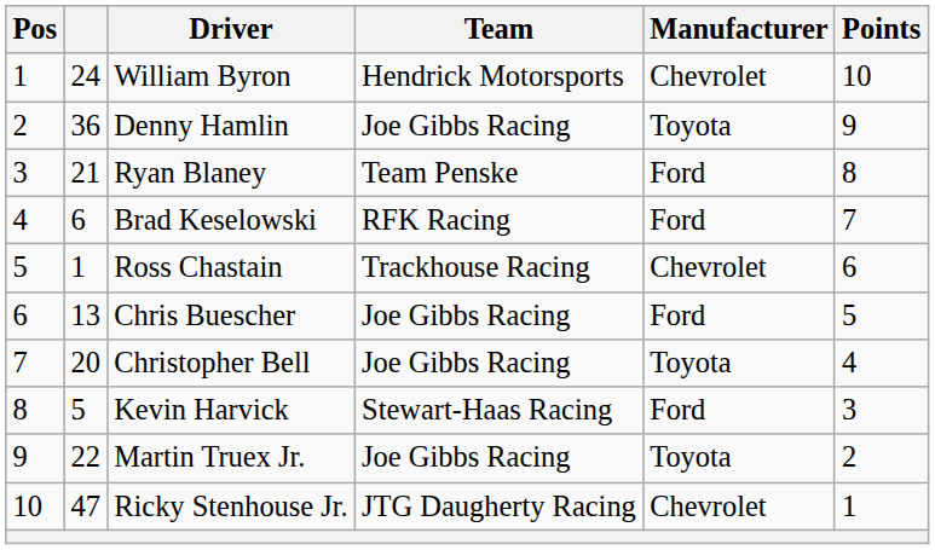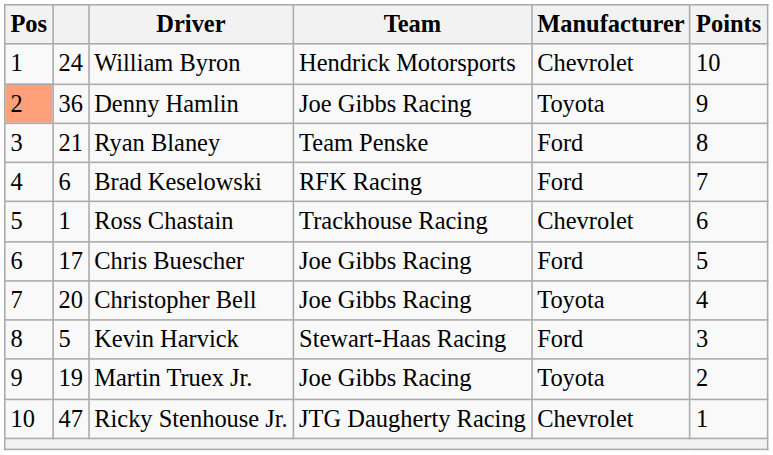 <table class="wikitable" style="font-size:98%">
 <tr>
 <th>Pos</th>
 <th></th>
 <th>Driver</th>
 <th>Team</th>
 <th>Manufacturer</th>
 <th>Points</th>
 </tr>
 <tr>
 <td>1</td>
 <td>24</td>
 <td>William Byron</td>
 <td>Hendrick Motorsports</td>
 <td>Chevrolet</td>
 <td>10</td>
 </tr>
 <tr>
-<td>2</td>
+<td style="background: lightsalmon;">2</td>
 <td>36</td>
 <td>Denny Hamlin</td>
 <td>Joe Gibbs Racing</td>
 <td>Toyota</td>
 <td>9</td>
 </tr>
 <tr>
 <td>3</td>
 <td>21</td>
 <td>Ryan Blaney</td>
 <td>Team Penske</td>
 <td>Ford</td>
 <td>8</td>
 </tr>
 <tr>
 <td>4</td>
 <td>6</td>
 <td>Brad Keselowski</td>
 <td>RFK Racing</td>
 <td>Ford</td>
 <td>7</td>
 </tr>
 <tr>
 <td>5</td>
 <td>1</td>
 <td>Ross Chastain</td>
 <td>Trackhouse Racing</td>
 <td>Chevrolet</td>
 <td>6</td>
 </tr>
 <tr>
 <td>6</td>
-<td>13</td>
+<td>17</td>
 <td>Chris Buescher</td>
 <td>Joe Gibbs Racing</td>
 <td>Ford</td>
 <td>5</td>
 </tr>
 <tr>
 <td>7</td>
 <td>20</td>
 <td>Christopher Bell</td>
 <td>Joe Gibbs Racing</td>
 <td>Toyota</td>
 <td>4</td>
 </tr>
 <tr>
 <td>8</td>
 <td>5</td>
 <td>Kevin Harvick</td>
 <td>Stewart-Haas Racing</td>
 <td>Ford</td>
 <td>3</td>
 </tr>
 <tr>
 <td>9</td>
-<td>22</td>
+<td>19</td>
 <td>Martin Truex Jr.</td>
 <td>Joe Gibbs Racing</td>
 <td>Toyota</td>
 <td>2</td>
 </tr>
 <tr>
 <td>10</td>
 <td>47</td>
 <td>Ricky Stenhouse Jr.</td>
 <td>JTG Daugherty Racing</td>
 <td>Chevrolet</td>
 <td>1</td>
 </tr>
 <tr>
 <th colspan="6"></th>
 </tr>
 </table>
